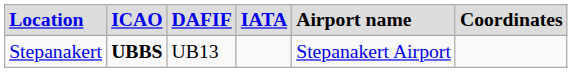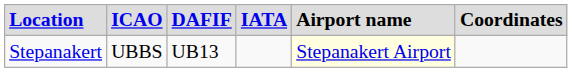 <table class="wikitable sortable">
 <tr style="font-weight:bold; background:#ddd;">
 <td><a href='#'>Location</a></td>
 <td><a href='#'>ICAO</a></td>
 <td><a href='#'>DAFIF</a></td>
 <td><a href='#'>IATA</a></td>
 <td>Airport name</td>
 <td>Coordinates</td>
 </tr>
 <tr valign=top>
 <td><a href='#'>Stepanakert</a></td>
-<td><strong>UBBS</strong></td>
+<td>UBBS</td>
 <td>UB13</td>
 <td></td>
-<td><a href='#'>Stepanakert Airport</a></td>
+<td style="background: lightyellow;"><a href='#'>Stepanakert Airport</a></td>
 <td><small></small></td>
 </tr>
 </table>
